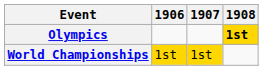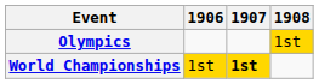 <table class="wikitable plainrowheaders">
 <tr>
 <th scope="col">Event</th>
 <th scope="col">1906</th>
 <th scope="col">1907</th>
 <th scope="col">1908</th>
 </tr>
 <tr>
 <th scope="row"><a href='#'>Olympics</a></th>
 <td></td>
 <td></td>
-<td align="centr" bgcolor="gold"><strong>1st</strong></td>
+<td align="centr" bgcolor="gold">1st</td>
 </tr>
 <tr>
 <th scope="row"><a href='#'>World Championships</a></th>
 <td align="centr" bgcolor="gold">1st</td>
-<td align="centr" bgcolor="gold">1st</td>
+<td align="centr" bgcolor="gold"><strong>1st</strong></td>
 </tr>
 </table>
